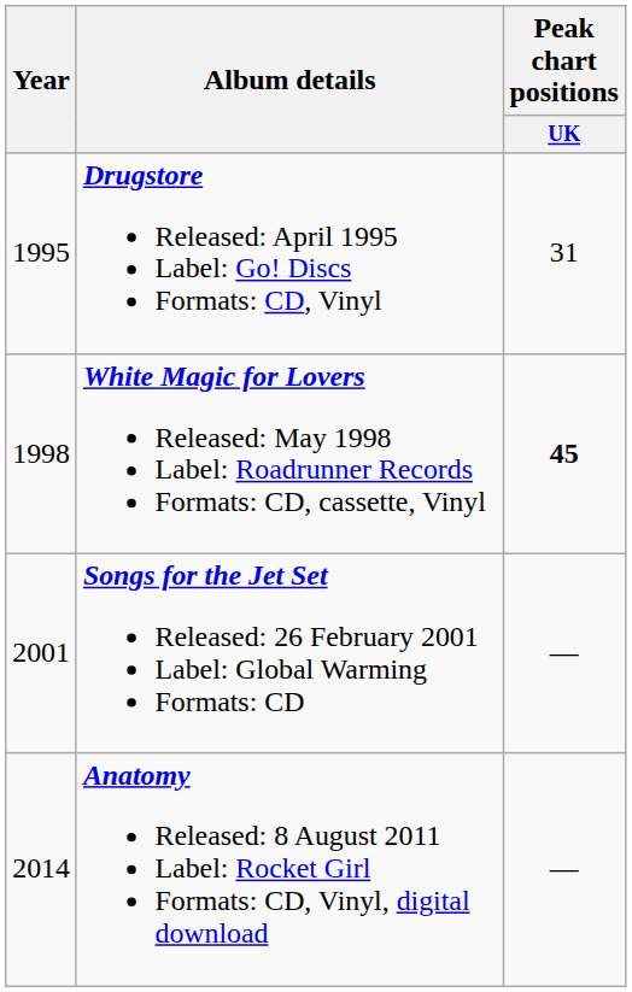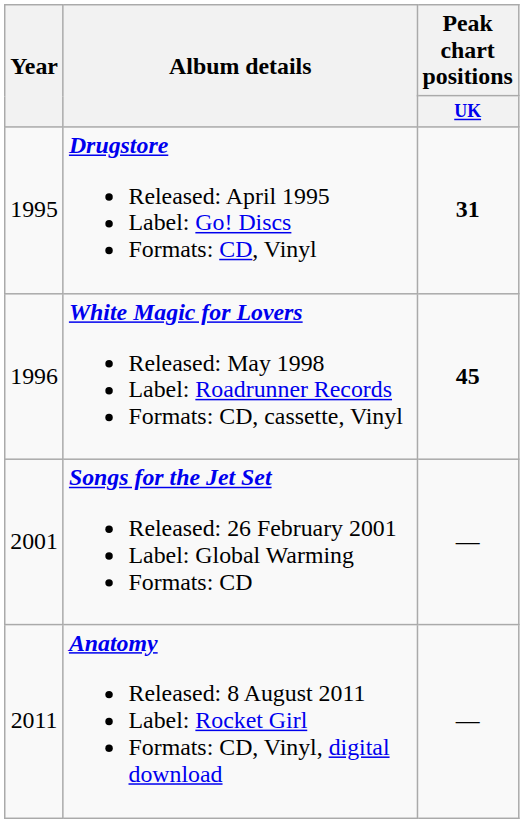 <table class="wikitable" style="text-align:center;">
 <tr>
 <th rowspan="2">Year</th>
 <th rowspan="2" style="width:230px;">Album details</th>
 <th colspan="3">Peak chart positions</th>
 </tr>
 <tr>
 <th style="width:3em;font-size:75%"><a href='#'>UK</a><br></th>
 </tr>
 <tr>
 <td>1995</td>
 <td align=left><strong><em><a href='#'>Drugstore</a></em></strong><br><ul><li>Released: April 1995</li><li>Label: <a href='#'>Go! Discs</a></li><li>Formats: <a href='#'>CD</a>, Vinyl</li></ul></td>
-<td>31</td>
+<td><strong>31</strong></td>
 </tr>
 <tr>
-<td>1998</td>
+<td>1996</td>
 <td align=left><strong><em><a href='#'>White Magic for Lovers</a></em></strong><br><ul><li>Released: May 1998</li><li>Label: <a href='#'>Roadrunner Records</a></li><li>Formats: CD, cassette, Vinyl</li></ul></td>
 <td><strong>45</strong></td>
 </tr>
 <tr>
 <td>2001</td>
 <td align=left><strong><em><a href='#'>Songs for the Jet Set</a></em></strong><br><ul><li>Released: 26 February 2001</li><li>Label: Global Warming</li><li>Formats: CD</li></ul></td>
 <td>—</td>
 </tr>
 <tr>
-<td>2014</td>
+<td>2011</td>
 <td align=left><strong><em><a href='#'>Anatomy</a></em></strong><br><ul><li>Released: 8 August 2011</li><li>Label: <a href='#'>Rocket Girl</a></li><li>Formats: CD, Vinyl, <a href='#'>digital download</a></li></ul></td>
 <td>—</td>
 </tr>
 </table>
